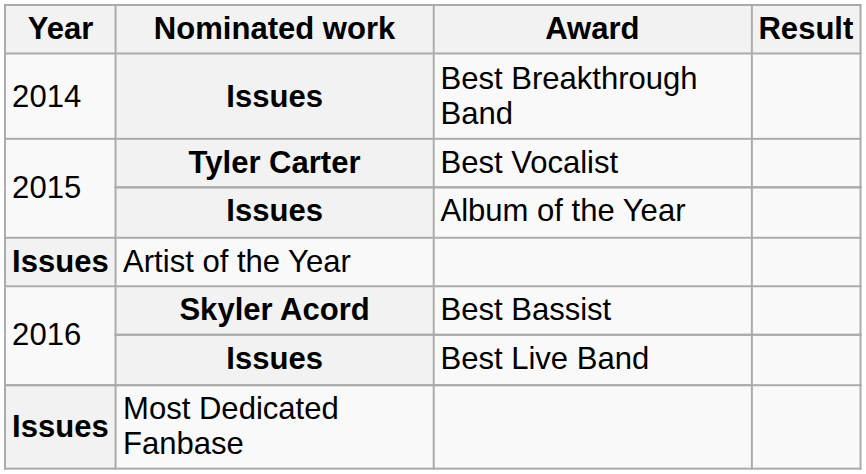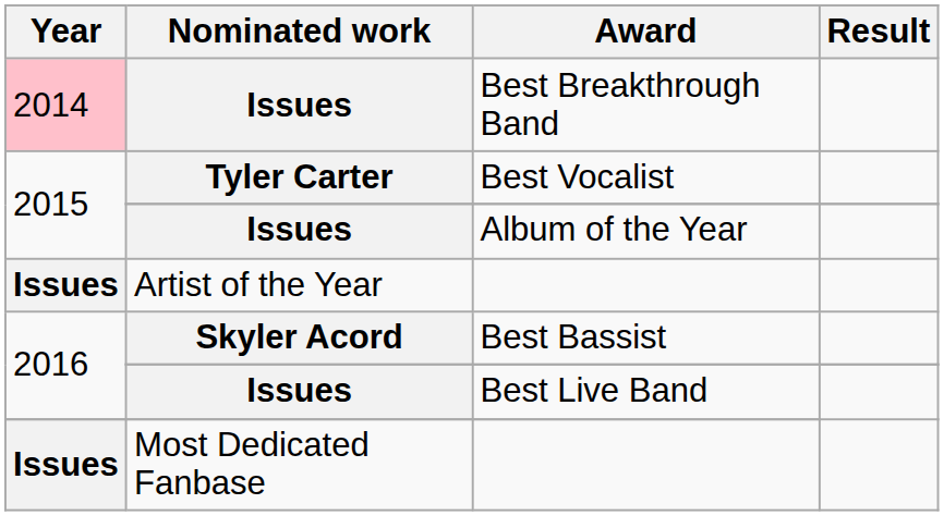 <table class="wikitable plainrowheaders" style="width:50%;">
 <tr>
 <th>Year</th>
 <th>Nominated work</th>
 <th>Award</th>
 <th>Result</th>
 </tr>
 <tr>
-<td>2014</td>
+<td style="background: pink;">2014</td>
 <th scope="row">Issues</th>
 <td>Best Breakthrough Band</td>
 <td></td>
 </tr>
 <tr>
 <td rowspan="3">2015</td>
 <th scope="row">Tyler Carter</th>
 <td>Best Vocalist</td>
 <td></td>
 </tr>
 <tr>
 </tr>
 <tr>
 <th scope="row">Issues</th>
 <td>Album of the Year</td>
 <td></td>
 </tr>
 <tr>
 <th scope="row">Issues</th>
 <td>Artist of the Year</td>
 <td></td>
 </tr>
 <tr>
 <td rowspan="3">2016</td>
 <th scope="row">Skyler Acord</th>
 <td>Best Bassist</td>
 <td></td>
 </tr>
 <tr>
 </tr>
 <tr>
 <th scope="row">Issues</th>
 <td>Best Live Band</td>
 <td></td>
 </tr>
 <tr>
 </tr>
 <tr>
 <th scope="row">Issues</th>
 <td>Most Dedicated Fanbase</td>
 <td></td>
 </tr>
 </table>
